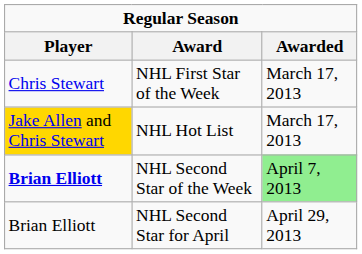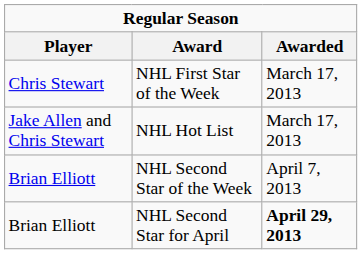 <table class="wikitable" width="52%">
 <tr>
 <td colspan="10" align="center"><strong>Regular Season</strong></td>
 </tr>
 <tr>
 <th>Player</th>
 <th>Award</th>
 <th>Awarded</th>
 </tr>
 <tr>
 <td><a href='#'>Chris Stewart</a></td>
 <td>NHL First Star of the Week</td>
 <td>March 17, 2013</td>
 </tr>
 <tr>
-<td style="background: gold;"><a href='#'>Jake Allen</a> and <a href='#'>Chris Stewart</a></td>
+<td><a href='#'>Jake Allen</a> and <a href='#'>Chris Stewart</a></td>
 <td>NHL Hot List</td>
 <td>March 17, 2013</td>
 </tr>
 <tr>
-<td><strong><a href='#'>Brian Elliott</a></strong></td>
+<td><a href='#'>Brian Elliott</a></td>
 <td>NHL Second Star of the Week</td>
-<td style="background: lightgreen;">April 7, 2013</td>
+<td>April 7, 2013</td>
 </tr>
 <tr>
 <td>Brian Elliott </td>
 <td>NHL Second Star for April</td>
-<td>April 29, 2013</td>
+<td><strong>April 29, 2013</strong></td>
 </tr>
 </table>
